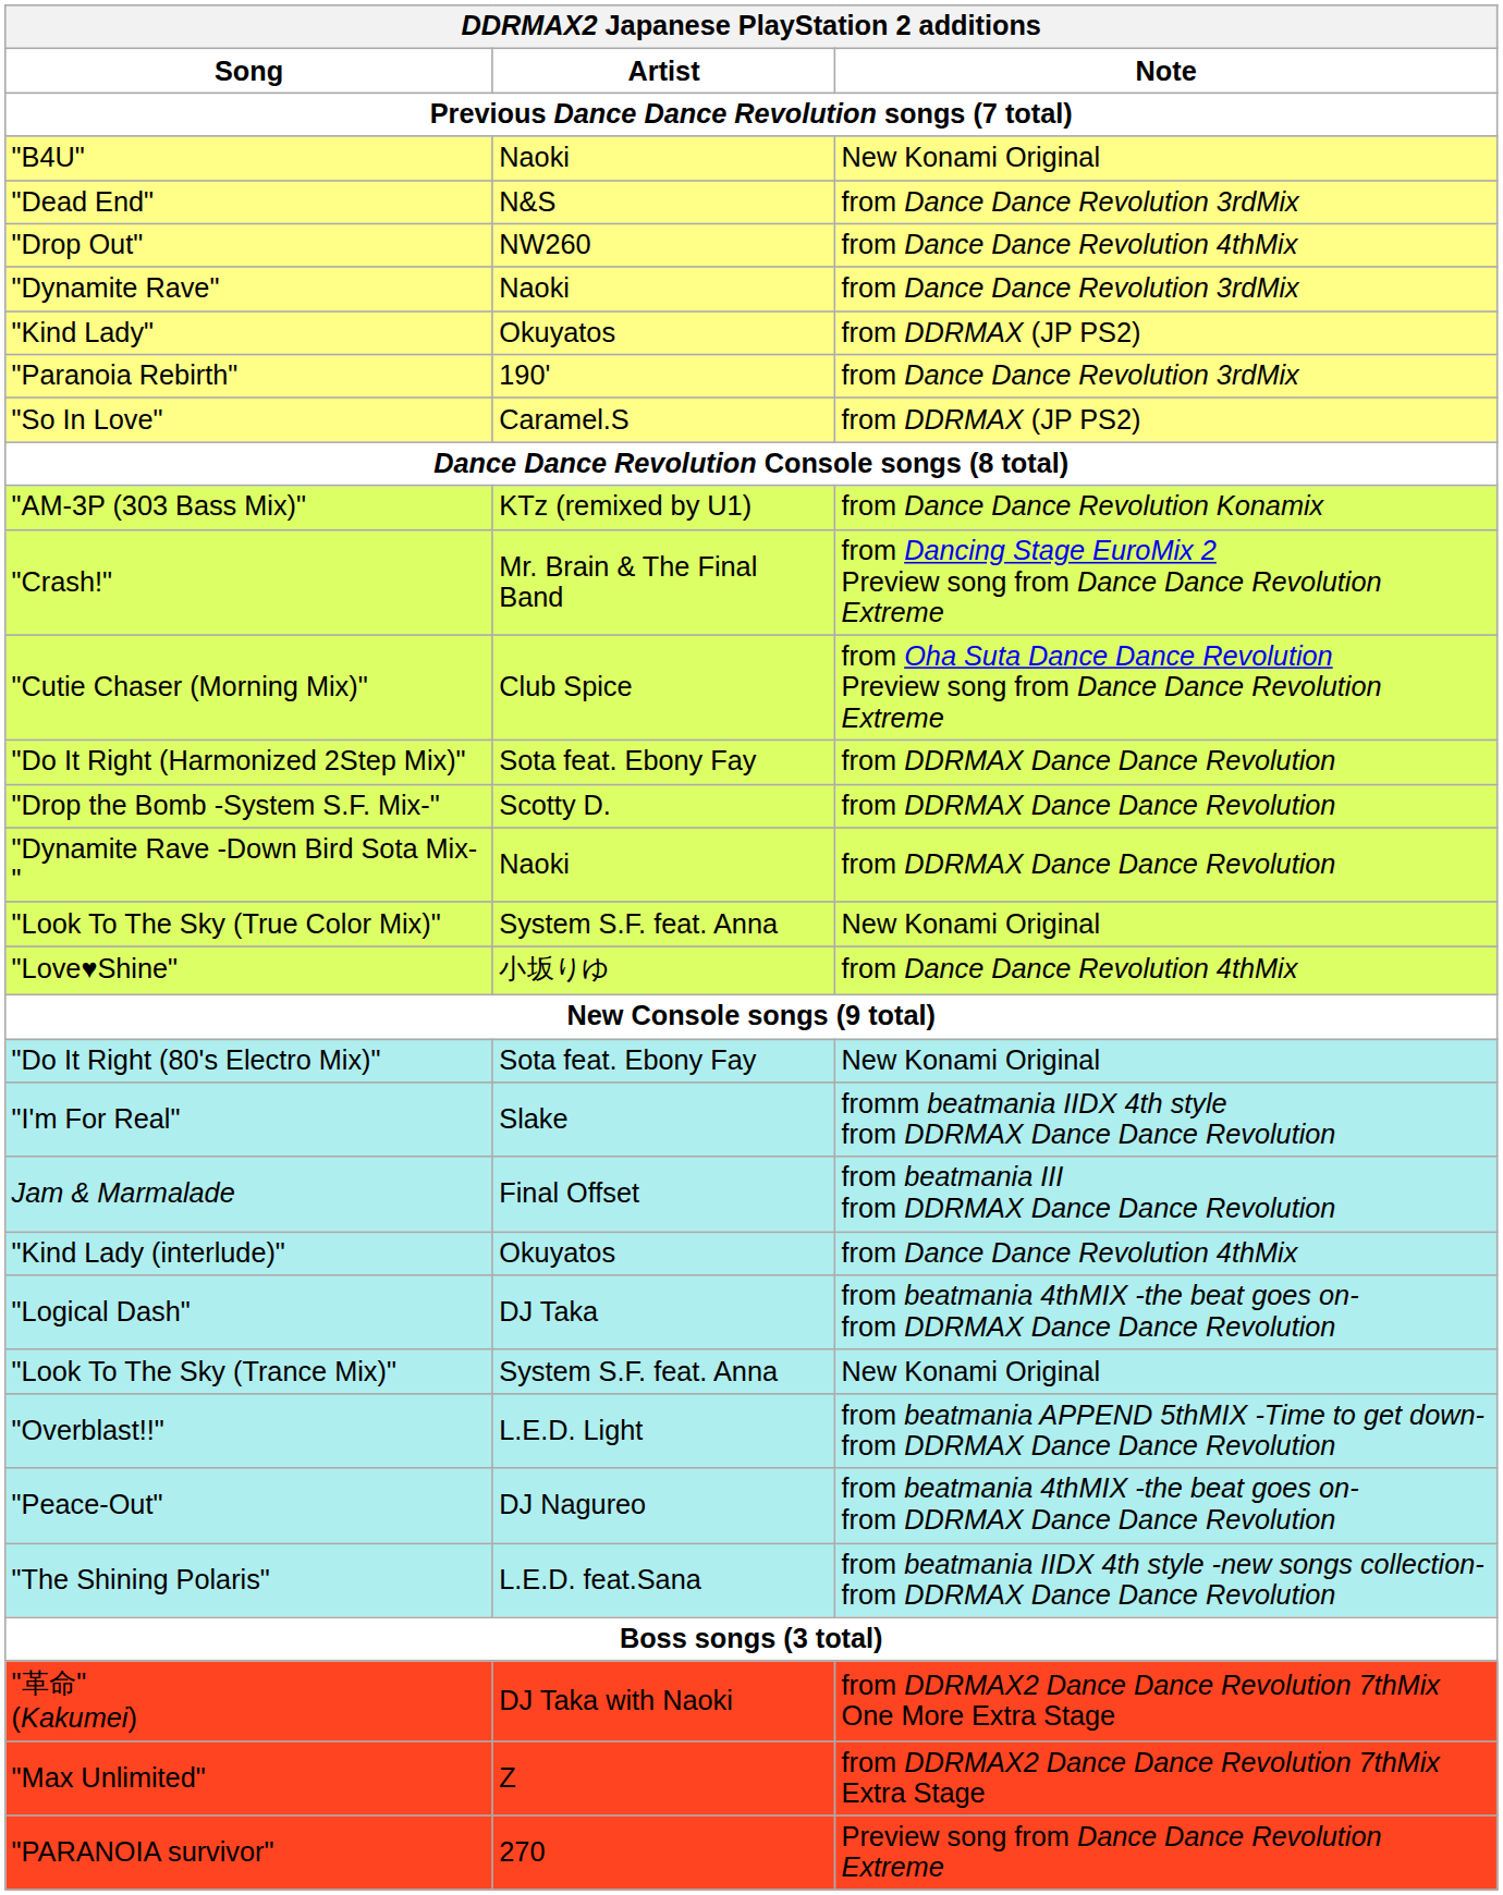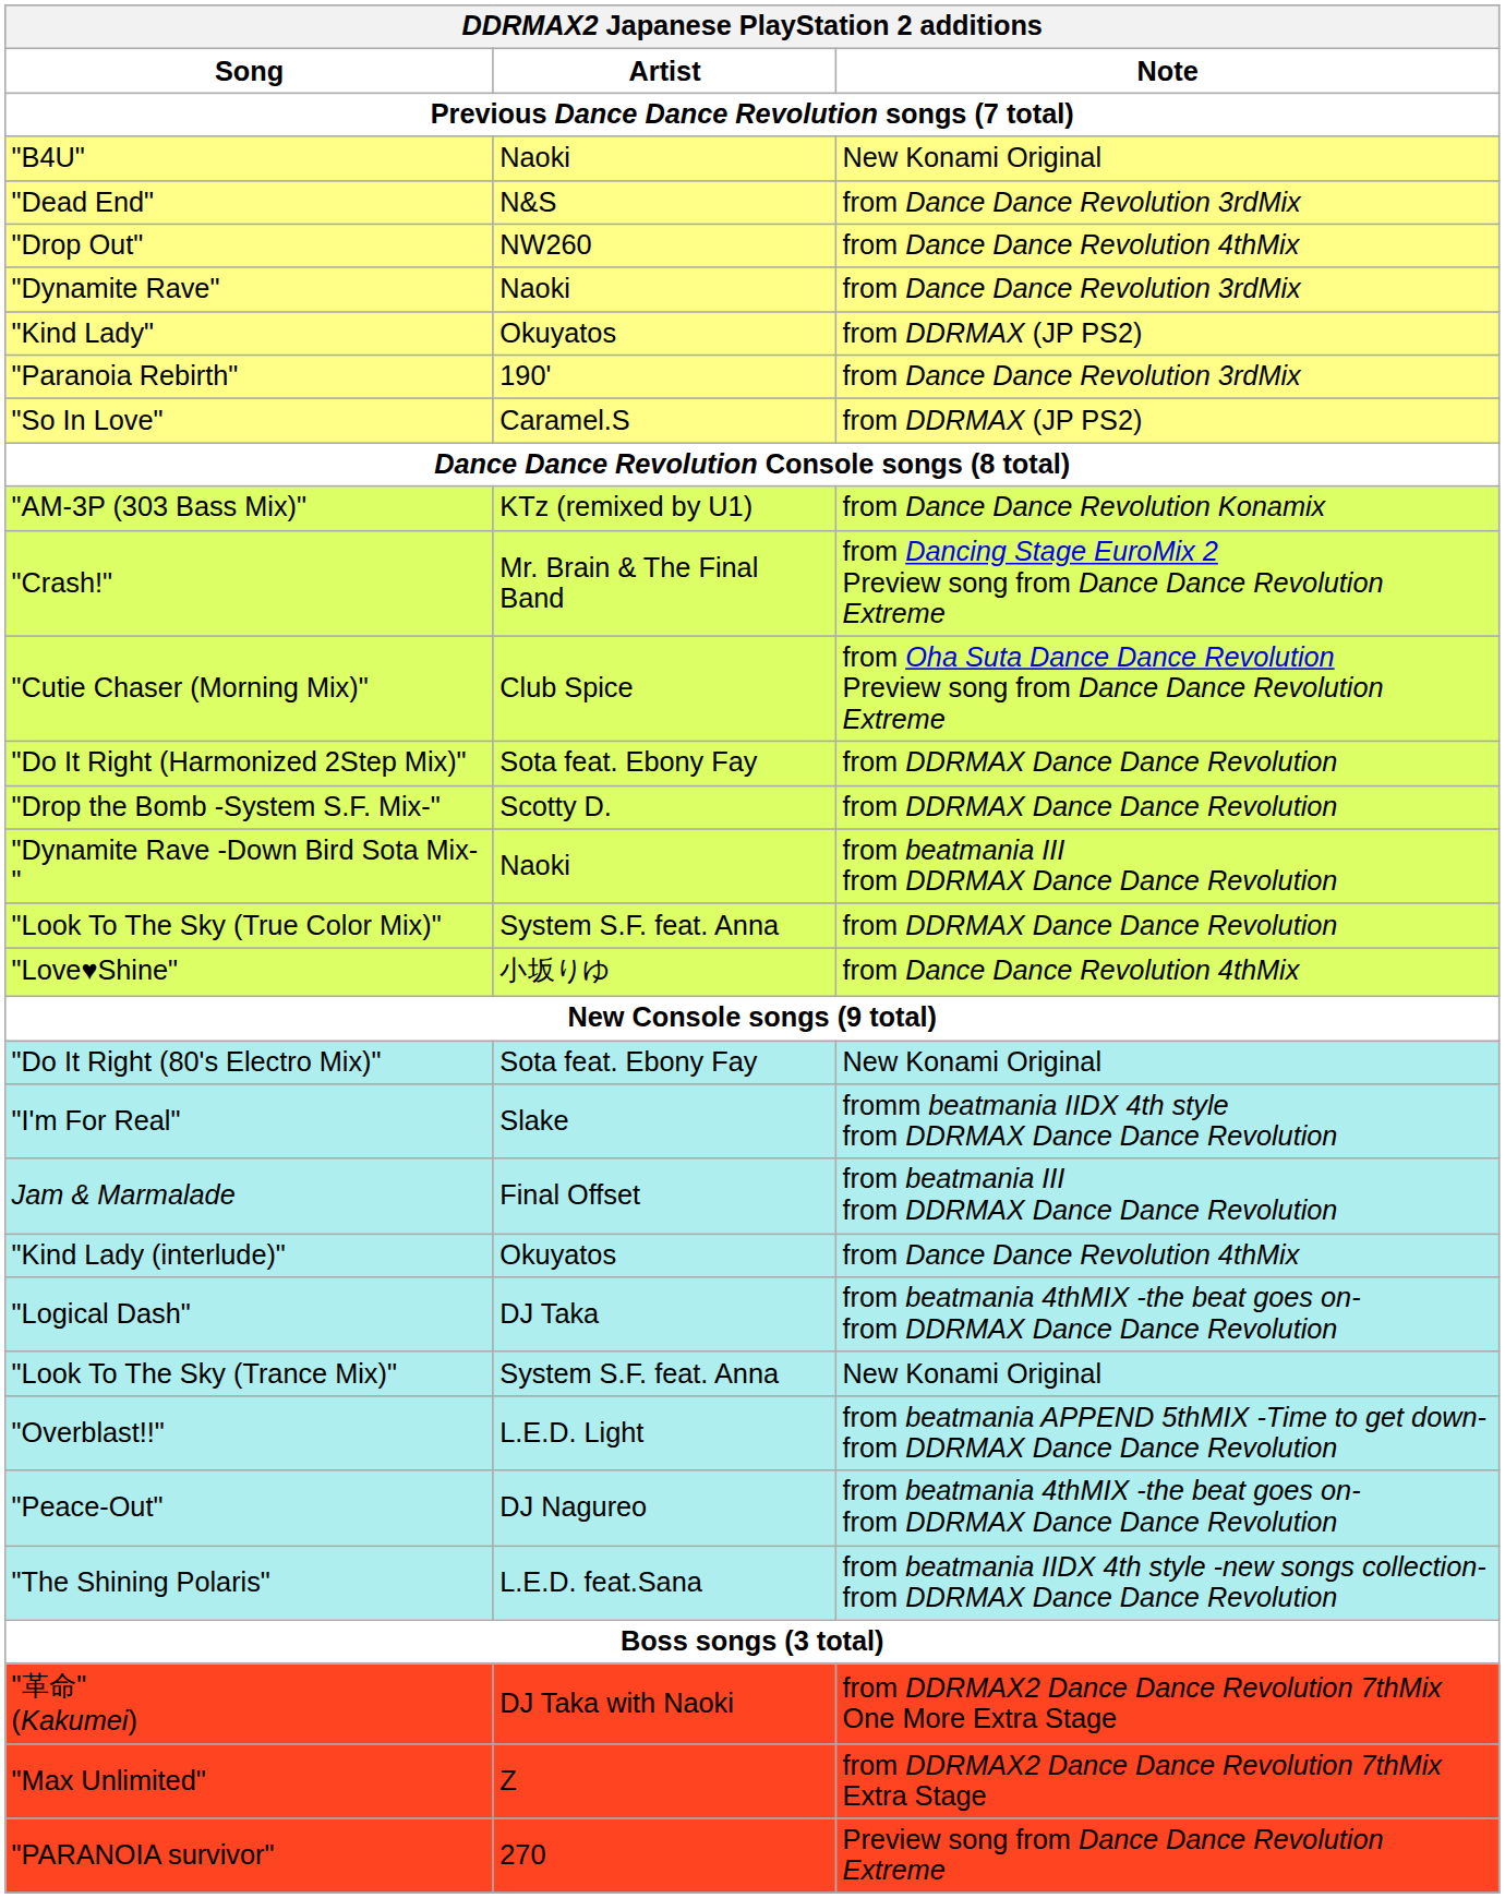 <table class="wikitable collapsible collapsed">
 <tr>
 <th colspan="6"><em>DDRMAX2</em> Japanese PlayStation 2 additions</th>
 </tr>
 <tr>
 <th style="background:#ffffff;">Song</th>
 <th style="background:#ffffff;">Artist</th>
 <th style="background:#ffffff;">Note</th>
 </tr>
 <tr>
 <th colspan="3" style="background:#ffffff;">Previous <em>Dance Dance Revolution</em> songs (7 total)</th>
 </tr>
 <tr style="background:#ffff88;">
 <td>"B4U"</td>
 <td>Naoki</td>
 <td>New Konami Original</td>
 </tr>
 <tr style="background:#ffff88;">
 <td>"Dead End"</td>
 <td>N&S</td>
 <td>from <em>Dance Dance Revolution 3rdMix</em></td>
 </tr>
 <tr style="background:#ffff88;">
 <td>"Drop Out"</td>
 <td>NW260</td>
 <td>from <em>Dance Dance Revolution 4thMix</em></td>
 </tr>
 <tr style="background:#ffff88;">
 <td>"Dynamite Rave"</td>
 <td>Naoki</td>
 <td>from <em>Dance Dance Revolution 3rdMix</em></td>
 </tr>
 <tr style="background:#ffff88;">
 <td>"Kind Lady"</td>
 <td>Okuyatos</td>
 <td>from <em>DDRMAX</em> (JP PS2)</td>
 </tr>
 <tr style="background:#ffff88;">
 <td>"Paranoia Rebirth"</td>
 <td>190'</td>
 <td>from <em>Dance Dance Revolution 3rdMix</em></td>
 </tr>
 <tr style="background:#ffff88;">
 <td>"So In Love"</td>
 <td>Caramel.S</td>
 <td>from <em>DDRMAX</em> (JP PS2)</td>
 </tr>
 <tr>
 <th colspan="3" style="background:#ffffff;"><em>Dance Dance Revolution</em> Console songs (8 total)</th>
 </tr>
 <tr style="background:#df6;">
 <td>"AM-3P (303 Bass Mix)" </td>
 <td>KTz (remixed by U1)</td>
 <td>from <em>Dance Dance Revolution Konamix</em></td>
 </tr>
 <tr style="background:#df6;">
 <td>"Crash!"</td>
 <td>Mr. Brain & The Final Band</td>
 <td>from <em><a href='#'>Dancing Stage EuroMix 2</a></em><br>Preview song from <em>Dance Dance Revolution Extreme</em></td>
 </tr>
 <tr style="background:#df6;">
 <td>"Cutie Chaser (Morning Mix)"</td>
 <td>Club Spice</td>
 <td>from <em><a href='#'>Oha Suta Dance Dance Revolution</a></em><br>Preview song from <em>Dance Dance Revolution Extreme</em></td>
 </tr>
 <tr style="background:#df6;">
 <td>"Do It Right (Harmonized 2Step Mix)" </td>
 <td>Sota feat. Ebony Fay</td>
 <td>from <em>DDRMAX Dance Dance Revolution</em></td>
 </tr>
 <tr style="background:#df6;">
 <td>"Drop the Bomb -System S.F. Mix-" </td>
 <td>Scotty D.</td>
 <td>from <em>DDRMAX Dance Dance Revolution</em></td>
 </tr>
 <tr style="background:#df6;">
 <td>"Dynamite Rave -Down Bird Sota Mix-" </td>
 <td>Naoki</td>
-<td>from <em>DDRMAX Dance Dance Revolution</em></td>
+<td>from <em>beatmania III</em><br>from <em>DDRMAX Dance Dance Revolution</em></td>
 </tr>
 <tr style="background:#df6;">
 <td>"Look To The Sky (True Color Mix)" </td>
 <td>System S.F. feat. Anna</td>
-<td>New Konami Original</td>
+<td>from <em>DDRMAX Dance Dance Revolution</em></td>
 </tr>
 <tr style="background:#df6;">
 <td>"Love♥Shine"</td>
 <td>小坂りゆ</td>
 <td>from <em>Dance Dance Revolution 4thMix</em></td>
 </tr>
 <tr>
 <th colspan="3" style="background:#ffffff;">New Console songs (9 total)</th>
 </tr>
 <tr style="background:#AFEEEE;">
 <td>"Do It Right (80's Electro Mix)" </td>
 <td>Sota feat. Ebony Fay</td>
 <td>New Konami Original</td>
 </tr>
 <tr style="background:#AFEEEE;">
 <td>"I'm For Real" </td>
 <td>Slake</td>
 <td>fromm <em>beatmania IIDX 4th style</em><br>from <em>DDRMAX Dance Dance Revolution</em></td>
 </tr>
 <tr style="background:#AFEEEE;">
 <td><em>Jam & Marmalade</em> </td>
 <td>Final Offset</td>
 <td>from <em>beatmania III</em><br>from <em>DDRMAX Dance Dance Revolution</em></td>
 </tr>
 <tr style="background:#AFEEEE;">
 <td>"Kind Lady (interlude)" </td>
 <td>Okuyatos</td>
 <td>from <em>Dance Dance Revolution 4thMix</em></td>
 </tr>
 <tr style="background:#AFEEEE;">
 <td>"Logical Dash" </td>
 <td>DJ Taka</td>
 <td>from <em>beatmania 4thMIX -the beat goes on-</em><br>from <em>DDRMAX Dance Dance Revolution</em></td>
 </tr>
 <tr style="background:#AFEEEE;">
 <td>"Look To The Sky (Trance Mix)" </td>
 <td>System S.F. feat. Anna</td>
 <td>New Konami Original</td>
 </tr>
 <tr style="background:#AFEEEE;">
 <td>"Overblast!!" </td>
 <td>L.E.D. Light</td>
 <td>from <em>beatmania APPEND 5thMIX -Time to get down-</em><br>from <em>DDRMAX Dance Dance Revolution</em></td>
 </tr>
 <tr style="background:#AFEEEE;">
 <td>"Peace-Out" </td>
 <td>DJ Nagureo</td>
 <td>from <em>beatmania 4thMIX -the beat goes on-</em><br>from <em>DDRMAX Dance Dance Revolution</em></td>
 </tr>
 <tr style="background:#AFEEEE;">
 <td>"The Shining Polaris" </td>
 <td>L.E.D. feat.Sana</td>
 <td>from  <em>beatmania IIDX 4th style -new songs collection-</em><br>from <em>DDRMAX Dance Dance Revolution</em></td>
 </tr>
 <tr>
 <th colspan="3" style="background:#ffffff;">Boss songs (3 total)</th>
 </tr>
 <tr style="background:#ff4422;">
 <td>"革命"<br>(<em>Kakumei</em>) </td>
 <td>DJ Taka with Naoki</td>
 <td>from <em>DDRMAX2 Dance Dance Revolution 7thMix</em><br>One More Extra Stage</td>
 </tr>
 <tr style="background:#ff4422;">
 <td>"Max Unlimited" </td>
 <td>Z</td>
 <td>from <em>DDRMAX2 Dance Dance Revolution 7thMix</em><br>Extra Stage</td>
 </tr>
 <tr style="background:#ff4422;">
 <td>"PARANOIA survivor" </td>
 <td>270</td>
 <td>Preview song from <em>Dance Dance Revolution Extreme</em></td>
 </tr>
 </table>
